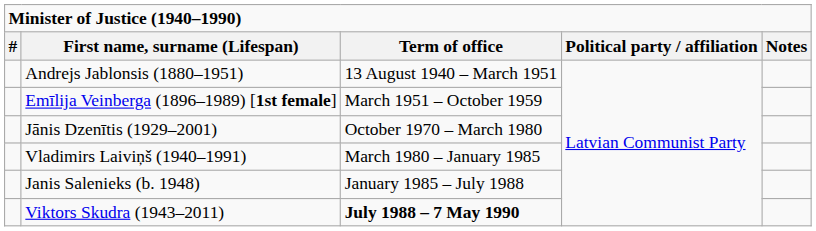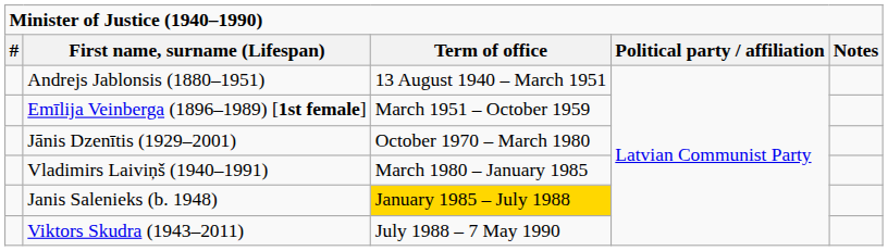 <table class="wikitable">
 <tr>
 <td colspan="6"><strong>Minister of Justice (1940–1990)</strong></td>
 </tr>
 <tr>
 <th><strong>#</strong></th>
 <th><strong>First name, surname (Lifespan)</strong></th>
 <th><strong>Term of office</strong></th>
 <th><strong>Political party / affiliation</strong></th>
 <th><strong>Notes</strong></th>
 </tr>
 <tr>
 <td></td>
 <td>Andrejs Jablonsis (1880–1951)</td>
 <td>13 August 1940 – March 1951</td>
 <td rowspan="6"><a href='#'>Latvian Communist Party</a></td>
 <td></td>
 </tr>
 <tr>
 <td></td>
 <td><a href='#'>Emīlija Veinberga</a> (1896–1989) [<strong>1st female</strong>]</td>
 <td>March 1951 – October 1959</td>
 <td></td>
 </tr>
 <tr>
 <td></td>
 <td>Jānis Dzenītis (1929–2001)</td>
 <td>October 1970 – March 1980</td>
 <td></td>
 </tr>
 <tr>
 <td></td>
 <td>Vladimirs Laiviņš (1940–1991)</td>
 <td>March 1980 – January 1985</td>
 <td></td>
 </tr>
 <tr>
 <td></td>
 <td>Janis Salenieks (b. 1948)</td>
-<td>January 1985 – July 1988</td>
+<td style="background: gold;">January 1985 – July 1988</td>
 <td></td>
 </tr>
 <tr>
 <td></td>
 <td><a href='#'>Viktors Skudra</a> (1943–2011)</td>
-<td><strong>July 1988 – 7 May 1990</strong></td>
+<td>July 1988 – 7 May 1990</td>
 <td></td>
 </tr>
 </table>
